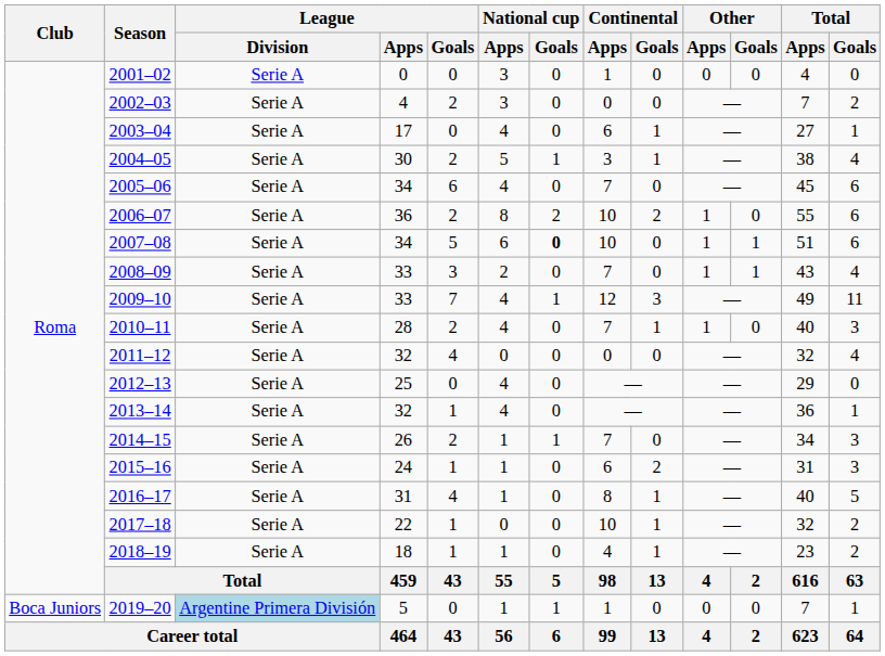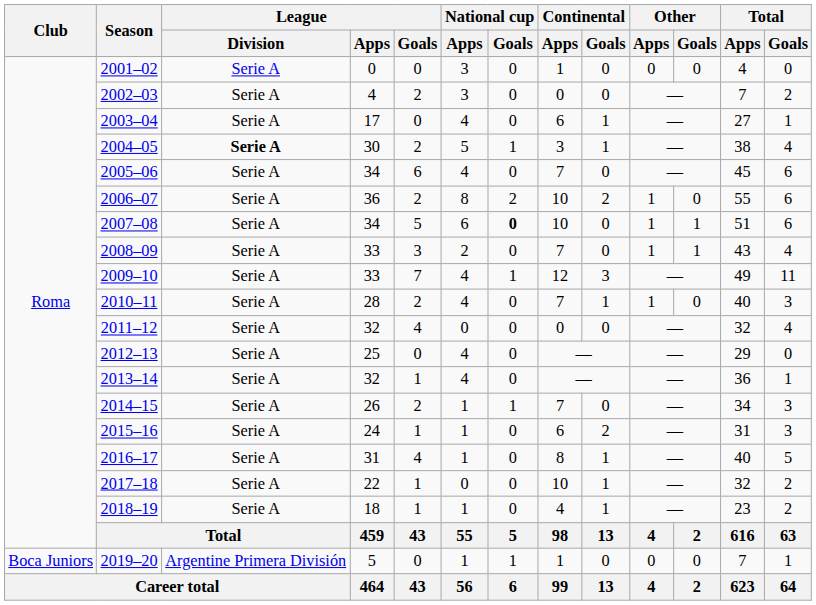 <table class="wikitable" style="text-align:center">
 <tr>
 <th rowspan="2">Club</th>
 <th rowspan="2">Season</th>
 <th colspan="3">League</th>
 <th colspan="2">National cup</th>
 <th colspan="2">Continental</th>
 <th colspan="2">Other</th>
 <th colspan="2">Total</th>
 </tr>
 <tr>
 <th>Division</th>
 <th>Apps</th>
 <th>Goals</th>
 <th>Apps</th>
 <th>Goals</th>
 <th>Apps</th>
 <th>Goals</th>
 <th>Apps</th>
 <th>Goals</th>
 <th>Apps</th>
 <th>Goals</th>
 </tr>
 <tr>
 <td rowspan=19 align=center><a href='#'>Roma</a></td>
 <td><a href='#'>2001–02</a></td>
 <td><a href='#'>Serie A</a></td>
 <td>0</td>
 <td>0</td>
 <td>3</td>
 <td>0</td>
 <td>1</td>
 <td>0</td>
 <td>0</td>
 <td>0</td>
 <td>4</td>
 <td>0</td>
 </tr>
 <tr>
 <td><a href='#'>2002–03</a></td>
 <td>Serie A</td>
 <td>4</td>
 <td>2</td>
 <td>3</td>
 <td>0</td>
 <td>0</td>
 <td>0</td>
 <td colspan="2">—</td>
 <td>7</td>
 <td>2</td>
 </tr>
 <tr>
 <td><a href='#'>2003–04</a></td>
 <td>Serie A</td>
 <td>17</td>
 <td>0</td>
 <td>4</td>
 <td>0</td>
 <td>6</td>
 <td>1</td>
 <td colspan="2">—</td>
 <td>27</td>
 <td>1</td>
 </tr>
 <tr>
 <td><a href='#'>2004–05</a></td>
-<td>Serie A</td>
+<td><strong>Serie A</strong></td>
 <td>30</td>
 <td>2</td>
 <td>5</td>
 <td>1</td>
 <td>3</td>
 <td>1</td>
 <td colspan="2">—</td>
 <td>38</td>
 <td>4</td>
 </tr>
 <tr>
 <td><a href='#'>2005–06</a></td>
 <td>Serie A</td>
 <td>34</td>
 <td>6</td>
 <td>4</td>
 <td>0</td>
 <td>7</td>
 <td>0</td>
 <td colspan="2">—</td>
 <td>45</td>
 <td>6</td>
 </tr>
 <tr>
 <td><a href='#'>2006–07</a></td>
 <td>Serie A</td>
 <td>36</td>
 <td>2</td>
 <td>8</td>
 <td>2</td>
 <td>10</td>
 <td>2</td>
 <td>1</td>
 <td>0</td>
 <td>55</td>
 <td>6</td>
 </tr>
 <tr>
 <td><a href='#'>2007–08</a></td>
 <td>Serie A</td>
 <td>34</td>
 <td>5</td>
 <td>6</td>
 <td><strong>0</strong></td>
 <td>10</td>
 <td>0</td>
 <td>1</td>
 <td>1</td>
 <td>51</td>
 <td>6</td>
 </tr>
 <tr>
 <td><a href='#'>2008–09</a></td>
 <td>Serie A</td>
 <td>33</td>
 <td>3</td>
 <td>2</td>
 <td>0</td>
 <td>7</td>
 <td>0</td>
 <td>1</td>
 <td>1</td>
 <td>43</td>
 <td>4</td>
 </tr>
 <tr>
 <td><a href='#'>2009–10</a></td>
 <td>Serie A</td>
 <td>33</td>
 <td>7</td>
 <td>4</td>
 <td>1</td>
 <td>12</td>
 <td>3</td>
 <td colspan="2">—</td>
 <td>49</td>
 <td>11</td>
 </tr>
 <tr>
 <td><a href='#'>2010–11</a></td>
 <td>Serie A</td>
 <td>28</td>
 <td>2</td>
 <td>4</td>
 <td>0</td>
 <td>7</td>
 <td>1</td>
 <td>1</td>
 <td>0</td>
 <td>40</td>
 <td>3</td>
 </tr>
 <tr>
 <td><a href='#'>2011–12</a></td>
 <td>Serie A</td>
 <td>32</td>
 <td>4</td>
 <td>0</td>
 <td>0</td>
 <td>0</td>
 <td>0</td>
 <td colspan="2">—</td>
 <td>32</td>
 <td>4</td>
 </tr>
 <tr>
 <td><a href='#'>2012–13</a></td>
 <td>Serie A</td>
 <td>25</td>
 <td>0</td>
 <td>4</td>
 <td>0</td>
 <td colspan="2">—</td>
 <td colspan="2">—</td>
 <td>29</td>
 <td>0</td>
 </tr>
 <tr>
 <td><a href='#'>2013–14</a></td>
 <td>Serie A</td>
 <td>32</td>
 <td>1</td>
 <td>4</td>
 <td>0</td>
 <td colspan="2">—</td>
 <td colspan="2">—</td>
 <td>36</td>
 <td>1</td>
 </tr>
 <tr>
 <td><a href='#'>2014–15</a></td>
 <td>Serie A</td>
 <td>26</td>
 <td>2</td>
 <td>1</td>
 <td>1</td>
 <td>7</td>
 <td>0</td>
 <td colspan="2">—</td>
 <td>34</td>
 <td>3</td>
 </tr>
 <tr>
 <td><a href='#'>2015–16</a></td>
 <td>Serie A</td>
 <td>24</td>
 <td>1</td>
 <td>1</td>
 <td>0</td>
 <td>6</td>
 <td>2</td>
 <td colspan="2">—</td>
 <td>31</td>
 <td>3</td>
 </tr>
 <tr>
 <td><a href='#'>2016–17</a></td>
 <td>Serie A</td>
 <td>31</td>
 <td>4</td>
 <td>1</td>
 <td>0</td>
 <td>8</td>
 <td>1</td>
 <td colspan="2">—</td>
 <td>40</td>
 <td>5</td>
 </tr>
 <tr>
 <td><a href='#'>2017–18</a></td>
 <td>Serie A</td>
 <td>22</td>
 <td>1</td>
 <td>0</td>
 <td>0</td>
 <td>10</td>
 <td>1</td>
 <td colspan="2">—</td>
 <td>32</td>
 <td>2</td>
 </tr>
 <tr>
 <td><a href='#'>2018–19</a></td>
 <td>Serie A</td>
 <td>18</td>
 <td>1</td>
 <td>1</td>
 <td>0</td>
 <td>4</td>
 <td>1</td>
 <td colspan="2">—</td>
 <td>23</td>
 <td>2</td>
 </tr>
 <tr>
 <th colspan=2>Total</th>
 <th>459</th>
 <th>43</th>
 <th>55</th>
 <th>5</th>
 <th>98</th>
 <th>13</th>
 <th>4</th>
 <th>2</th>
 <th>616</th>
 <th>63</th>
 </tr>
 <tr>
 <td align=center><a href='#'>Boca Juniors</a></td>
 <td><a href='#'>2019–20</a></td>
-<td style="background: lightblue;"><a href='#'>Argentine Primera División</a></td>
+<td><a href='#'>Argentine Primera División</a></td>
 <td>5</td>
 <td>0</td>
 <td>1</td>
 <td>1</td>
 <td>1</td>
 <td>0</td>
 <td>0</td>
 <td>0</td>
 <td>7</td>
 <td>1</td>
 </tr>
 <tr>
 <th colspan=3>Career total</th>
 <th>464</th>
 <th>43</th>
 <th>56</th>
 <th>6</th>
 <th>99</th>
 <th>13</th>
 <th>4</th>
 <th>2</th>
 <th>623</th>
 <th>64</th>
 </tr>
 </table>
